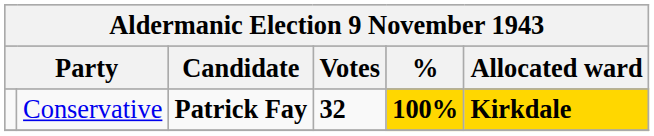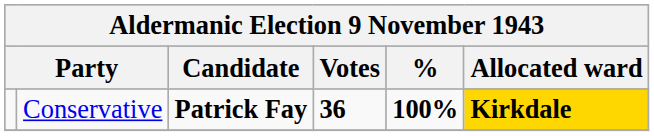 <table class="wikitable">
 <tr>
 <th colspan="6"><strong>Aldermanic Election 9 November 1943</strong></th>
 </tr>
 <tr>
 <th colspan="2">Party</th>
 <th>Candidate</th>
 <th>Votes</th>
 <th>%</th>
 <th>Allocated ward</th>
 </tr>
 <tr>
 <td style="background-color:"></td>
 <td><a href='#'>Conservative</a></td>
 <td><strong>Patrick Fay</strong></td>
-<td><strong>32</strong></td>
-<td style="background: gold;"><strong>100%</strong></td>
+<td><strong>36</strong></td>
+<td><strong>100%</strong></td>
 <td style="background: gold;"><strong>Kirkdale</strong></td>
 </tr>
 <tr>
 </tr>
 </table>
